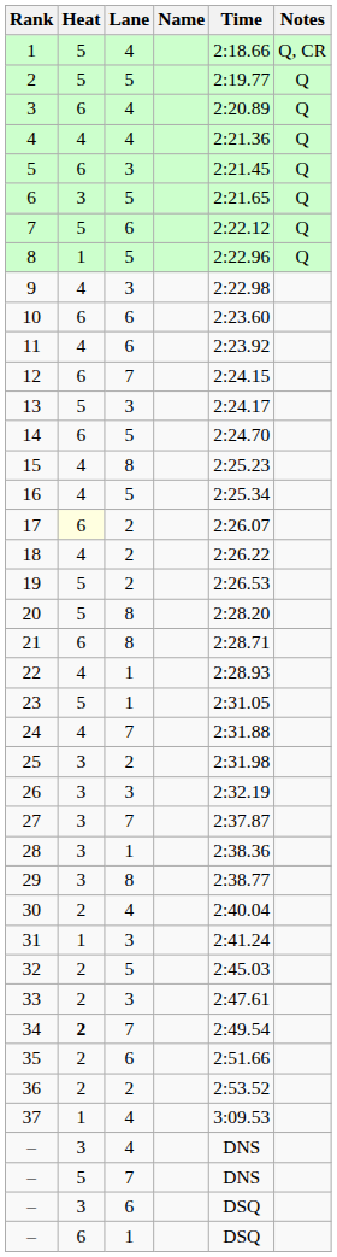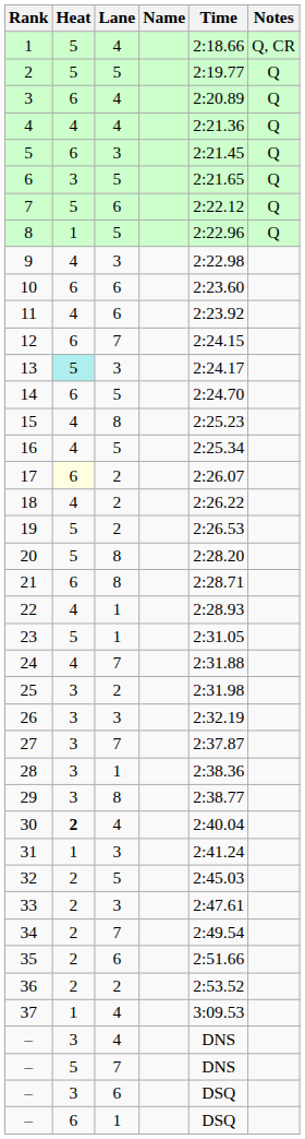 <table class="wikitable sortable" style="text-align:center">
 <tr>
 <th>Rank</th>
 <th>Heat</th>
 <th>Lane</th>
 <th>Name</th>
 <th>Time</th>
 <th>Notes</th>
 </tr>
 <tr bgcolor=ccffcc>
 <td>1</td>
 <td>5</td>
 <td>4</td>
 <td align=left></td>
 <td>2:18.66</td>
 <td>Q, CR</td>
 </tr>
 <tr bgcolor=ccffcc>
 <td>2</td>
 <td>5</td>
 <td>5</td>
 <td align=left></td>
 <td>2:19.77</td>
 <td>Q</td>
 </tr>
 <tr bgcolor=ccffcc>
 <td>3</td>
 <td>6</td>
 <td>4</td>
 <td align=left></td>
 <td>2:20.89</td>
 <td>Q</td>
 </tr>
 <tr bgcolor=ccffcc>
 <td>4</td>
 <td>4</td>
 <td>4</td>
 <td align=left></td>
 <td>2:21.36</td>
 <td>Q</td>
 </tr>
 <tr bgcolor=ccffcc>
 <td>5</td>
 <td>6</td>
 <td>3</td>
 <td align=left></td>
 <td>2:21.45</td>
 <td>Q</td>
 </tr>
 <tr bgcolor=ccffcc>
 <td>6</td>
 <td>3</td>
 <td>5</td>
 <td align=left></td>
 <td>2:21.65</td>
 <td>Q</td>
 </tr>
 <tr bgcolor=ccffcc>
 <td>7</td>
 <td>5</td>
 <td>6</td>
 <td align=left></td>
 <td>2:22.12</td>
 <td>Q</td>
 </tr>
 <tr bgcolor=ccffcc>
 <td>8</td>
 <td>1</td>
 <td>5</td>
 <td align=left></td>
 <td>2:22.96</td>
 <td>Q</td>
 </tr>
 <tr>
 <td>9</td>
 <td>4</td>
 <td>3</td>
 <td align=left></td>
 <td>2:22.98</td>
 <td></td>
 </tr>
 <tr>
 <td>10</td>
 <td>6</td>
 <td>6</td>
 <td align=left></td>
 <td>2:23.60</td>
 <td></td>
 </tr>
 <tr>
 <td>11</td>
 <td>4</td>
 <td>6</td>
 <td align=left></td>
 <td>2:23.92</td>
 <td></td>
 </tr>
 <tr>
 <td>12</td>
 <td>6</td>
 <td>7</td>
 <td align=left></td>
 <td>2:24.15</td>
 <td></td>
 </tr>
 <tr>
 <td>13</td>
-<td>5</td>
+<td style="background: paleturquoise;">5</td>
 <td>3</td>
 <td align=left></td>
 <td>2:24.17</td>
 <td></td>
 </tr>
 <tr>
 <td>14</td>
 <td>6</td>
 <td>5</td>
 <td align=left></td>
 <td>2:24.70</td>
 <td></td>
 </tr>
 <tr>
 <td>15</td>
 <td>4</td>
 <td>8</td>
 <td align=left></td>
 <td>2:25.23</td>
 <td></td>
 </tr>
 <tr>
 <td>16</td>
 <td>4</td>
 <td>5</td>
 <td align=left></td>
 <td>2:25.34</td>
 <td></td>
 </tr>
 <tr>
 <td>17</td>
 <td style="background: lightyellow;">6</td>
 <td>2</td>
 <td align=left></td>
 <td>2:26.07</td>
 <td></td>
 </tr>
 <tr>
 <td>18</td>
 <td>4</td>
 <td>2</td>
 <td align=left></td>
 <td>2:26.22</td>
 <td></td>
 </tr>
 <tr>
 <td>19</td>
 <td>5</td>
 <td>2</td>
 <td align=left></td>
 <td>2:26.53</td>
 <td></td>
 </tr>
 <tr>
 <td>20</td>
 <td>5</td>
 <td>8</td>
 <td align=left></td>
 <td>2:28.20</td>
 <td></td>
 </tr>
 <tr>
 <td>21</td>
 <td>6</td>
 <td>8</td>
 <td align=left></td>
 <td>2:28.71</td>
 <td></td>
 </tr>
 <tr>
 <td>22</td>
 <td>4</td>
 <td>1</td>
 <td align=left></td>
 <td>2:28.93</td>
 <td></td>
 </tr>
 <tr>
 <td>23</td>
 <td>5</td>
 <td>1</td>
 <td align=left></td>
 <td>2:31.05</td>
 <td></td>
 </tr>
 <tr>
 <td>24</td>
 <td>4</td>
 <td>7</td>
 <td align=left></td>
 <td>2:31.88</td>
 <td></td>
 </tr>
 <tr>
 <td>25</td>
 <td>3</td>
 <td>2</td>
 <td align=left></td>
 <td>2:31.98</td>
 <td></td>
 </tr>
 <tr>
 <td>26</td>
 <td>3</td>
 <td>3</td>
 <td align=left></td>
 <td>2:32.19</td>
 <td></td>
 </tr>
 <tr>
 <td>27</td>
 <td>3</td>
 <td>7</td>
 <td align=left></td>
 <td>2:37.87</td>
 <td></td>
 </tr>
 <tr>
 <td>28</td>
 <td>3</td>
 <td>1</td>
 <td align=left></td>
 <td>2:38.36</td>
 <td></td>
 </tr>
 <tr>
 <td>29</td>
 <td>3</td>
 <td>8</td>
 <td align=left></td>
 <td>2:38.77</td>
 <td></td>
 </tr>
 <tr>
 <td>30</td>
-<td>2</td>
+<td><strong>2</strong></td>
 <td>4</td>
 <td align=left></td>
 <td>2:40.04</td>
 <td></td>
 </tr>
 <tr>
 <td>31</td>
 <td>1</td>
 <td>3</td>
 <td align=left></td>
 <td>2:41.24</td>
 <td></td>
 </tr>
 <tr>
 <td>32</td>
 <td>2</td>
 <td>5</td>
 <td align=left></td>
 <td>2:45.03</td>
 <td></td>
 </tr>
 <tr>
 <td>33</td>
 <td>2</td>
 <td>3</td>
 <td align=left></td>
 <td>2:47.61</td>
 <td></td>
 </tr>
 <tr>
 <td>34</td>
-<td><strong>2</strong></td>
+<td>2</td>
 <td>7</td>
 <td align=left></td>
 <td>2:49.54</td>
 <td></td>
 </tr>
 <tr>
 <td>35</td>
 <td>2</td>
 <td>6</td>
 <td align=left></td>
 <td>2:51.66</td>
 <td></td>
 </tr>
 <tr>
 <td>36</td>
 <td>2</td>
 <td>2</td>
 <td align=left></td>
 <td>2:53.52</td>
 <td></td>
 </tr>
 <tr>
 <td>37</td>
 <td>1</td>
 <td>4</td>
 <td align=left></td>
 <td>3:09.53</td>
 <td></td>
 </tr>
 <tr>
 <td>–</td>
 <td>3</td>
 <td>4</td>
 <td align=left></td>
 <td>DNS</td>
 <td></td>
 </tr>
 <tr>
 <td>–</td>
 <td>5</td>
 <td>7</td>
 <td align=left></td>
 <td>DNS</td>
 <td></td>
 </tr>
 <tr>
 <td>–</td>
 <td>3</td>
 <td>6</td>
 <td align=left></td>
 <td>DSQ</td>
 <td></td>
 </tr>
 <tr>
 <td>–</td>
 <td>6</td>
 <td>1</td>
 <td align=left></td>
 <td>DSQ</td>
 <td></td>
 </tr>
 </table>
